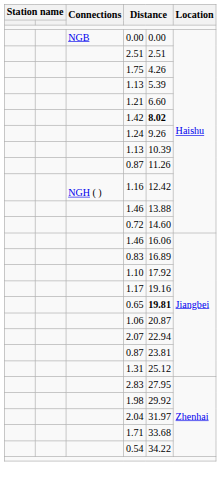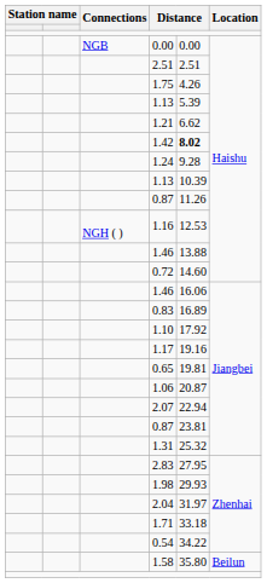 <table class="wikitable">
 <tr>
 <th colspan="2">Station name</th>
 <th rowspan="2">Connections</th>
 <th colspan="2" rowspan="2">Distance<br></th>
 <th rowspan="2">Location</th>
 </tr>
 <tr>
 <th></th>
 <th></th>
 </tr>
 <tr style="background:#">
 <td colspan = "6"></td>
 </tr>
 <tr>
 <td></td>
 <td></td>
 <td> <a href='#'>NGB</a></td>
 <td>0.00</td>
 <td>0.00</td>
 <td rowspan="12"><a href='#'>Haishu</a></td>
 </tr>
 <tr>
 <td></td>
 <td></td>
 <td></td>
 <td>2.51</td>
 <td>2.51</td>
 </tr>
 <tr>
 <td></td>
 <td></td>
 <td></td>
 <td>1.75</td>
 <td>4.26</td>
 </tr>
 <tr>
 <td></td>
 <td></td>
 <td></td>
 <td>1.13</td>
 <td>5.39</td>
 </tr>
 <tr>
 <td></td>
 <td></td>
 <td></td>
 <td>1.21</td>
-<td>6.60</td>
+<td>6.62</td>
 </tr>
 <tr>
 <td></td>
 <td></td>
 <td></td>
 <td>1.42</td>
 <td><strong>8.02</strong></td>
 </tr>
 <tr>
 <td></td>
 <td></td>
 <td></td>
 <td>1.24</td>
-<td>9.26</td>
+<td>9.28</td>
 </tr>
 <tr>
 <td></td>
 <td></td>
 <td></td>
 <td>1.13</td>
 <td>10.39</td>
 </tr>
 <tr>
 <td></td>
 <td></td>
 <td></td>
 <td>0.87</td>
 <td>11.26</td>
 </tr>
 <tr>
 <td></td>
 <td></td>
 <td><br> <a href='#'>NGH</a> ( )</td>
 <td>1.16</td>
-<td>12.42</td>
+<td>12.53</td>
 </tr>
 <tr>
 <td></td>
 <td></td>
 <td></td>
 <td>1.46</td>
 <td>13.88</td>
 </tr>
 <tr>
 <td></td>
 <td></td>
 <td></td>
 <td>0.72</td>
 <td>14.60</td>
 </tr>
 <tr>
 <td></td>
 <td></td>
 <td></td>
 <td>1.46</td>
 <td>16.06</td>
 <td rowspan="9"><a href='#'>Jiangbei</a></td>
 </tr>
 <tr>
 <td></td>
 <td></td>
 <td></td>
 <td>0.83</td>
 <td>16.89</td>
 </tr>
 <tr>
 <td></td>
 <td></td>
 <td></td>
 <td>1.10</td>
 <td>17.92</td>
 </tr>
 <tr>
 <td></td>
 <td></td>
 <td></td>
 <td>1.17</td>
 <td>19.16</td>
 </tr>
 <tr>
 <td></td>
 <td></td>
 <td></td>
 <td>0.65</td>
-<td><strong>19.81</strong></td>
+<td>19.81</td>
 </tr>
 <tr>
 <td></td>
 <td></td>
 <td></td>
 <td>1.06</td>
 <td>20.87</td>
 </tr>
 <tr>
 <td></td>
 <td></td>
 <td></td>
 <td>2.07</td>
 <td>22.94</td>
 </tr>
 <tr>
 <td></td>
 <td></td>
 <td></td>
 <td>0.87</td>
 <td>23.81</td>
 </tr>
 <tr>
 <td></td>
 <td></td>
 <td></td>
 <td>1.31</td>
-<td>25.12</td>
+<td>25.32</td>
 </tr>
 <tr>
 <td></td>
 <td></td>
 <td></td>
 <td>2.83</td>
 <td>27.95</td>
 <td rowspan="5"><a href='#'>Zhenhai</a></td>
 </tr>
 <tr>
 <td></td>
 <td></td>
 <td></td>
 <td>1.98</td>
-<td>29.92</td>
+<td>29.93</td>
 </tr>
 <tr>
 <td></td>
 <td></td>
 <td></td>
 <td>2.04</td>
 <td>31.97</td>
 </tr>
 <tr>
 <td></td>
 <td></td>
 <td></td>
 <td>1.71</td>
-<td>33.68</td>
+<td>33.18</td>
 </tr>
 <tr>
 <td></td>
 <td></td>
 <td></td>
 <td>0.54</td>
 <td>34.22</td>
 </tr>
+<tr>
+<td></td>
+<td></td>
+<td></td>
+<td>1.58</td>
+<td>35.80</td>
+<td><a href='#'>Beilun</a></td>
+</tr>
 <tr style="background:#">
 <td colspan = "6"></td>
 </tr>
 </table>
